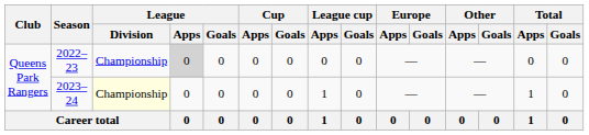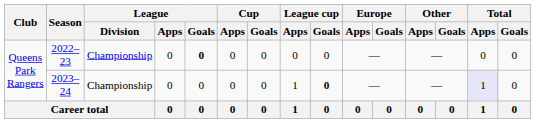 <table class="wikitable" style="text-align: center">
 <tr>
 <th rowspan="2">Club</th>
 <th rowspan="2">Season</th>
 <th colspan="3">League</th>
 <th colspan="2">Cup</th>
 <th colspan="2">League cup</th>
 <th colspan="2">Europe</th>
 <th colspan="2">Other</th>
 <th colspan="2">Total</th>
 </tr>
 <tr>
 <th>Division</th>
 <th>Apps</th>
 <th>Goals</th>
 <th>Apps</th>
 <th>Goals</th>
 <th>Apps</th>
 <th>Goals</th>
 <th>Apps</th>
 <th>Goals</th>
 <th>Apps</th>
 <th>Goals</th>
 <th>Apps</th>
 <th>Goals</th>
 </tr>
 <tr>
 <td rowspan="2"><a href='#'>Queens Park Rangers</a></td>
 <td><a href='#'>2022–23</a></td>
 <td><a href='#'>Championship</a></td>
-<td style="background: lightgrey;">0</td>
 <td>0</td>
+<td><strong>0</strong></td>
 <td>0</td>
 <td>0</td>
 <td>0</td>
 <td>0</td>
 <td colspan="2">—</td>
 <td colspan="2">—</td>
 <td>0</td>
 <td>0</td>
 </tr>
 <tr>
 <td><a href='#'>2023–24</a></td>
-<td style="background: lightyellow;">Championship</td>
+<td>Championship</td>
 <td>0</td>
 <td>0</td>
 <td>0</td>
 <td>0</td>
 <td>1</td>
-<td>0</td>
+<td><strong>0</strong></td>
 <td colspan="2">—</td>
 <td colspan="2">—</td>
-<td>1</td>
+<td style="background: lavender;">1</td>
 <td>0</td>
 </tr>
 <tr>
 <th colspan="3">Career total</th>
 <th>0</th>
 <th>0</th>
 <th>0</th>
 <th>0</th>
 <th>1</th>
 <th>0</th>
 <th>0</th>
 <th>0</th>
 <th>0</th>
 <th>0</th>
 <th>1</th>
 <th>0</th>
 </tr>
 </table>
